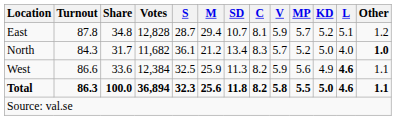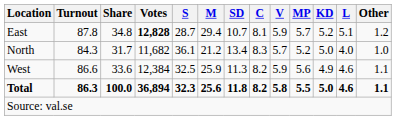 <table class="wikitable sortable" style=text-align:right>
 <tr>
 <th>Location</th>
 <th>Turnout</th>
 <th>Share</th>
 <th>Votes</th>
 <th><a href='#'>S</a></th>
 <th><a href='#'>M</a></th>
 <th><a href='#'>SD</a></th>
 <th><a href='#'>C</a></th>
 <th><a href='#'>V</a></th>
 <th><a href='#'>MP</a></th>
 <th><a href='#'>KD</a></th>
 <th><a href='#'>L</a></th>
 <th>Other</th>
 </tr>
 <tr>
 <td align=left>East</td>
 <td>87.8</td>
 <td>34.8</td>
-<td>12,828</td>
+<td><strong>12,828</strong></td>
 <td>28.7</td>
 <td>29.4</td>
 <td>10.7</td>
 <td>8.1</td>
 <td>5.9</td>
 <td>5.7</td>
 <td>5.2</td>
 <td>5.1</td>
 <td>1.2</td>
 </tr>
 <tr>
 <td align=left>North</td>
 <td>84.3</td>
 <td>31.7</td>
 <td>11,682</td>
 <td>36.1</td>
 <td>21.2</td>
 <td>13.4</td>
 <td>8.3</td>
 <td>5.7</td>
 <td>5.2</td>
 <td>5.0</td>
 <td>4.0</td>
-<td><strong>1.0</strong></td>
+<td>1.0</td>
 </tr>
 <tr>
 <td align=left>West</td>
 <td>86.6</td>
 <td>33.6</td>
 <td>12,384</td>
 <td>32.5</td>
 <td>25.9</td>
 <td>11.3</td>
 <td>8.2</td>
 <td>5.9</td>
 <td>5.6</td>
 <td>4.9</td>
-<td><strong>4.6</strong></td>
+<td>4.6</td>
 <td>1.1</td>
 </tr>
 <tr>
 <td align=left><strong>Total</strong></td>
 <td><strong>86.3</strong></td>
 <td><strong>100.0</strong></td>
 <td><strong>36,894</strong></td>
 <td><strong>32.3</strong></td>
 <td><strong>25.6</strong></td>
 <td><strong>11.8</strong></td>
 <td><strong>8.2</strong></td>
 <td><strong>5.8</strong></td>
 <td><strong>5.5</strong></td>
 <td><strong>5.0</strong></td>
 <td><strong>4.6</strong></td>
 <td><strong>1.1</strong></td>
 </tr>
 <tr>
 <td align=left colspan=13>Source: val.se </td>
 </tr>
 </table>
